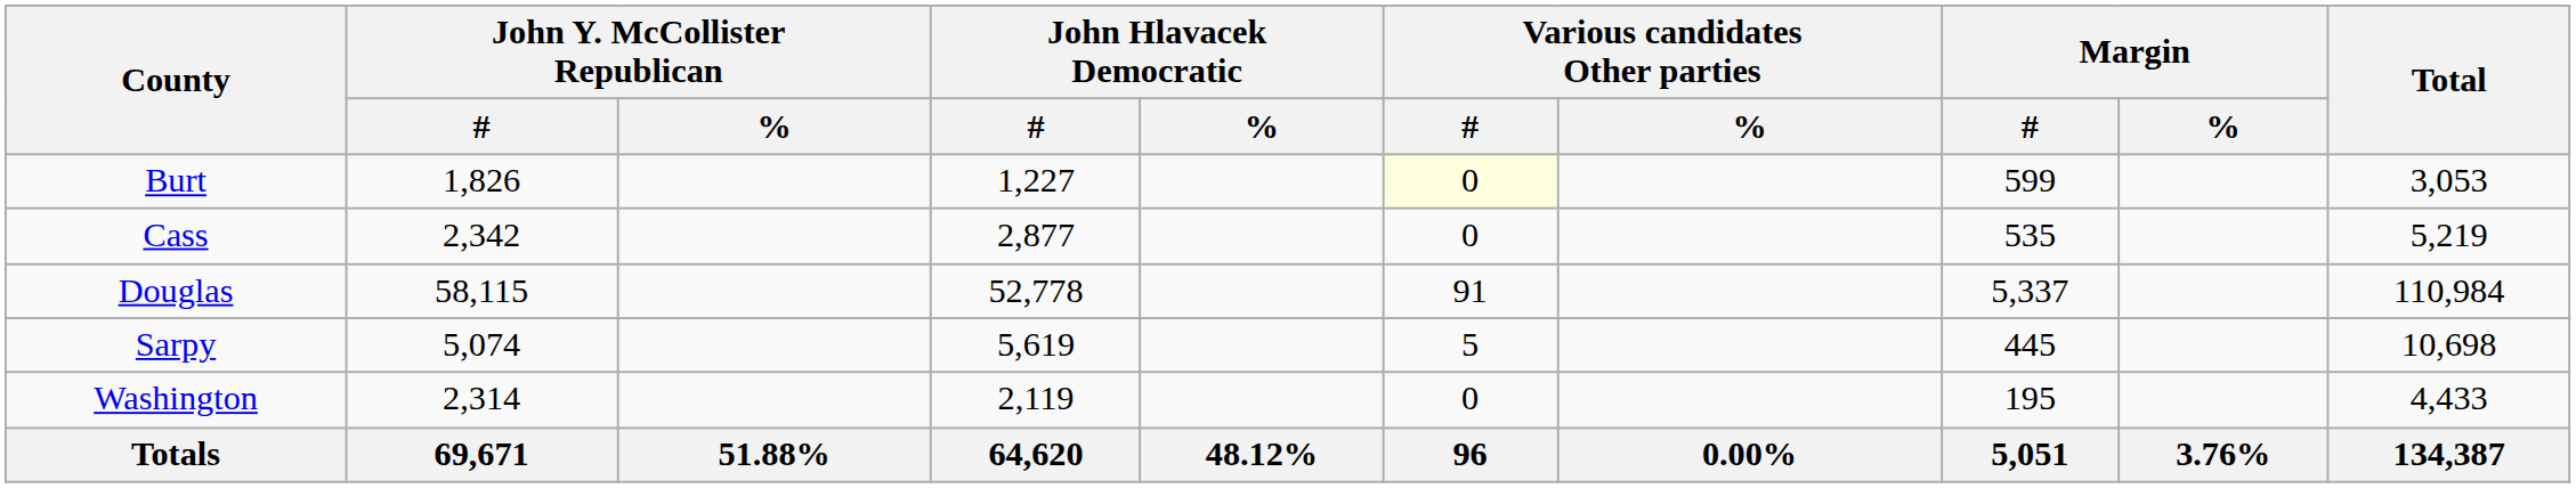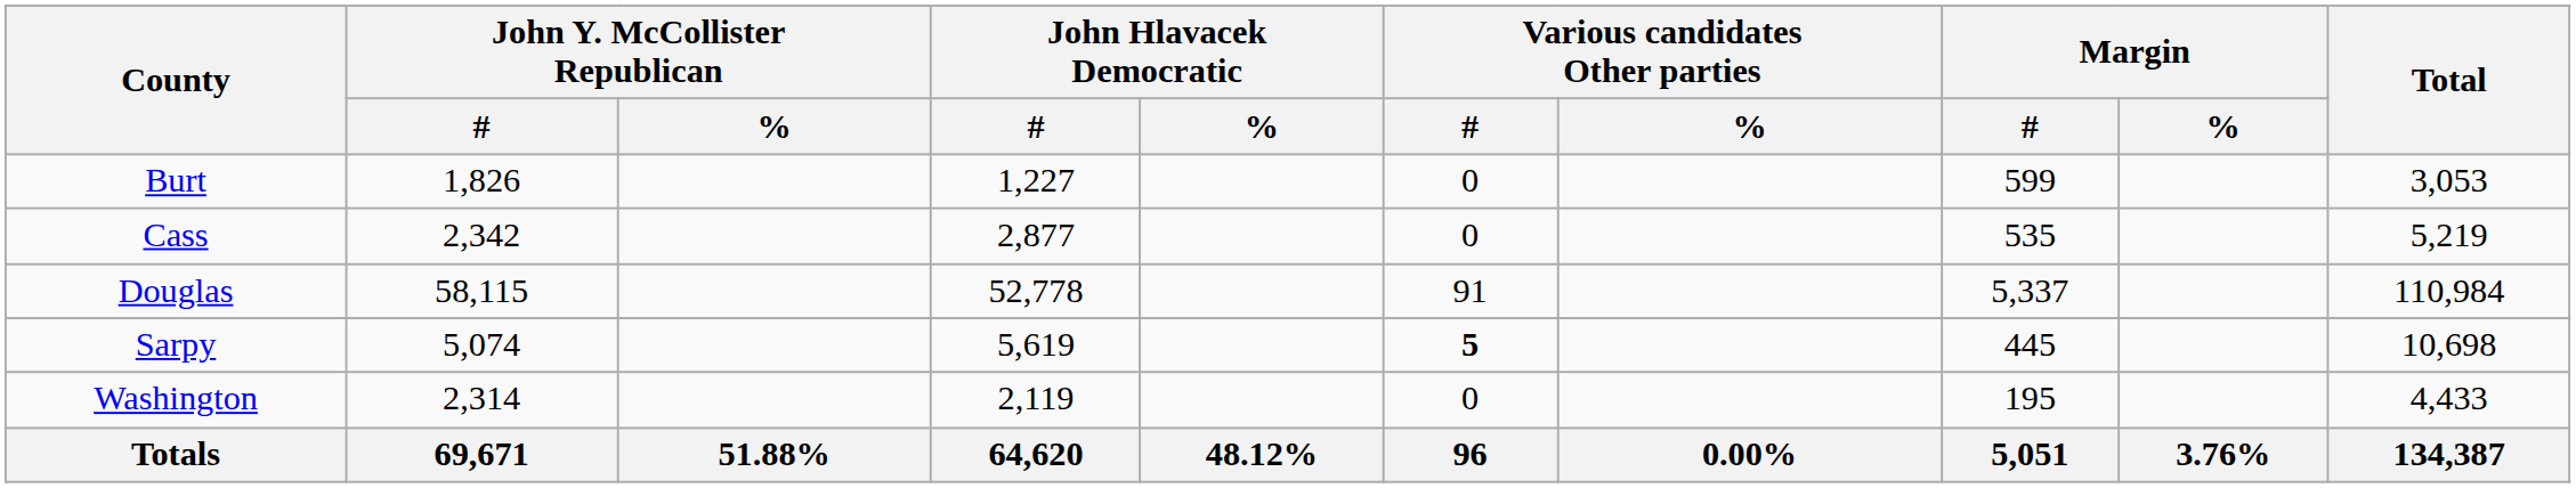 <table width="60%" class="wikitable sortable">
 <tr>
 <th rowspan="2">County</th>
 <th colspan="2">John Y. McCollister<br>Republican</th>
 <th colspan="2">John Hlavacek<br>Democratic</th>
 <th colspan="2">Various candidates<br>Other parties</th>
 <th colspan="2">Margin</th>
 <th rowspan="2">Total</th>
 </tr>
 <tr>
 <th style="text-align:center;" data-sort-type="number">#</th>
 <th style="text-align:center;" data-sort-type="number">%</th>
 <th style="text-align:center;" data-sort-type="number">#</th>
 <th style="text-align:center;" data-sort-type="number">%</th>
 <th style="text-align:center;" data-sort-type="number">#</th>
 <th style="text-align:center;" data-sort-type="number">%</th>
 <th style="text-align:center;" data-sort-type="number">#</th>
 <th style="text-align:center;" data-sort-type="number">%</th>
 </tr>
 <tr style="text-align:center;">
 <td><a href='#'>Burt</a></td>
 <td>1,826</td>
 <td></td>
 <td>1,227</td>
 <td></td>
-<td style="background: lightyellow;">0</td>
+<td>0</td>
 <td></td>
 <td>599</td>
 <td></td>
 <td>3,053</td>
 </tr>
 <tr style="text-align:center;">
 <td><a href='#'>Cass</a></td>
 <td>2,342</td>
 <td></td>
 <td>2,877</td>
 <td></td>
 <td>0</td>
 <td></td>
 <td>535</td>
 <td></td>
 <td>5,219</td>
 </tr>
 <tr style="text-align:center;">
 <td><a href='#'>Douglas</a></td>
 <td>58,115</td>
 <td></td>
 <td>52,778</td>
 <td></td>
 <td>91</td>
 <td></td>
 <td>5,337</td>
 <td></td>
 <td>110,984</td>
 </tr>
 <tr style="text-align:center;">
 <td><a href='#'>Sarpy</a></td>
 <td>5,074</td>
 <td></td>
 <td>5,619</td>
 <td></td>
-<td>5</td>
+<td><strong>5</strong></td>
 <td></td>
 <td>445</td>
 <td></td>
 <td>10,698</td>
 </tr>
 <tr style="text-align:center;">
 <td><a href='#'>Washington</a></td>
 <td>2,314</td>
 <td></td>
 <td>2,119</td>
 <td></td>
 <td>0</td>
 <td></td>
 <td>195</td>
 <td></td>
 <td>4,433</td>
 </tr>
 <tr>
 <th>Totals</th>
 <th>69,671</th>
 <th>51.88%</th>
 <th>64,620</th>
 <th>48.12%</th>
 <th>96</th>
 <th>0.00%</th>
 <th>5,051</th>
 <th>3.76%</th>
 <th>134,387</th>
 </tr>
 </table>
